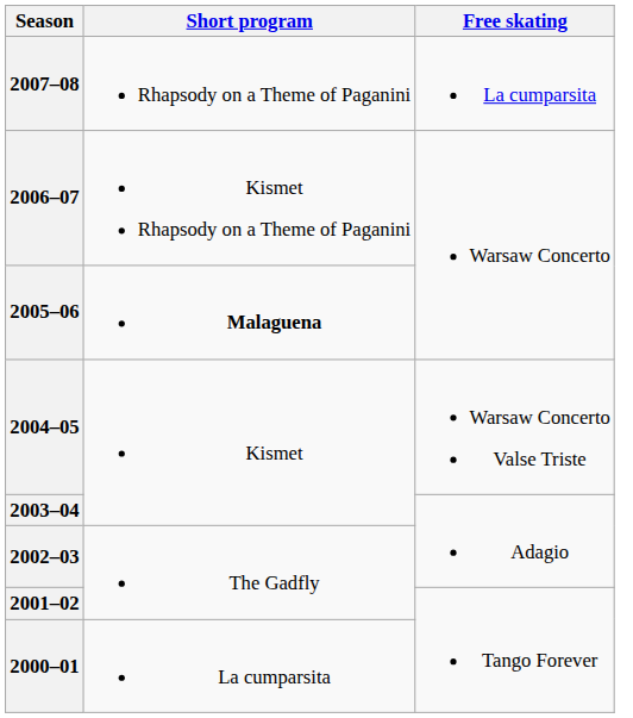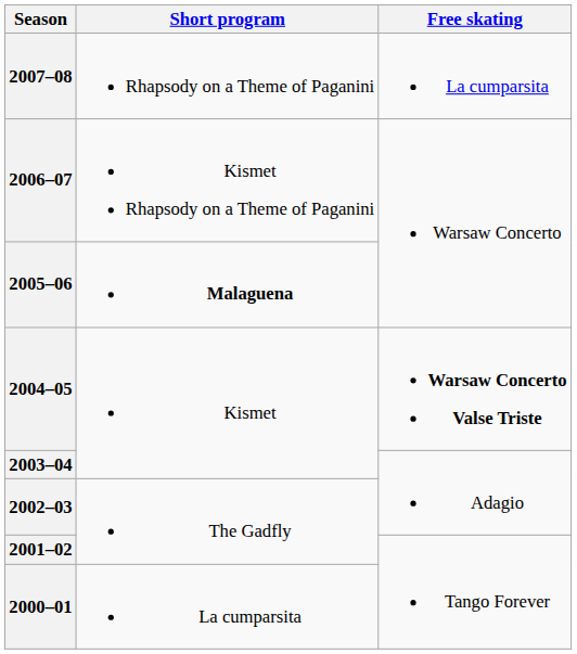 <table class=wikitable style=text-align:center>
 <tr>
 <th>Season</th>
 <th><a href='#'>Short program</a></th>
 <th><a href='#'>Free skating</a></th>
 </tr>
 <tr>
 <th>2007–08 <br> </th>
 <td><br><ul><li>Rhapsody on a Theme of Paganini <br></li></ul></td>
 <td><br><ul><li><a href='#'>La cumparsita</a> <br></li></ul></td>
 </tr>
 <tr>
 <th>2006–07 <br> </th>
 <td><br><ul><li>Kismet <br></li></ul><ul><li>Rhapsody on a Theme of Paganini <br></li></ul></td>
 <td rowspan=2><br><ul><li>Warsaw Concerto <br></li></ul></td>
 </tr>
 <tr>
 <th>2005–06 <br> </th>
 <td><strong><br><ul><li>Malaguena <br></li></ul></strong></td>
 </tr>
 <tr>
 <th>2004–05 <br> </th>
 <td rowspan=2><br><ul><li>Kismet <br></li></ul></td>
-<td><br><ul><li>Warsaw Concerto <br></li></ul><ul><li>Valse Triste <br></li></ul></td>
+<td><strong><br><ul><li>Warsaw Concerto <br></li></ul><ul><li>Valse Triste <br></li></ul></strong></td>
 </tr>
 <tr>
 <th>2003–04 <br> </th>
 <td rowspan=2><br><ul><li>Adagio <br></li></ul></td>
 </tr>
 <tr>
 <th>2002–03 <br> </th>
 <td rowspan=2><br><ul><li>The Gadfly <br></li></ul></td>
 </tr>
 <tr>
 <th>2001–02 <br> </th>
 <td rowspan=2><br><ul><li>Tango Forever <br></li></ul></td>
 </tr>
 <tr>
 <th>2000–01 <br> </th>
 <td><br><ul><li>La cumparsita</li></ul></td>
 </tr>
 </table>
